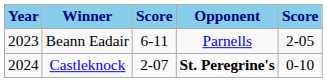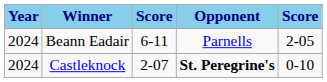 <table class="wikitable" style="text-align:center;">
 <tr>
 <th style="background:skyblue;color:navy;">Year</th>
 <th style="background:skyblue;color:navy;">Winner</th>
 <th style="background:skyblue;color:navy;">Score</th>
 <th style="background:skyblue;color:navy;">Opponent</th>
 <th style="background:skyblue;color:navy;">Score</th>
 </tr>
 <tr>
-<td>2023</td>
+<td>2024</td>
 <td>Beann Eadair</td>
 <td>6-11</td>
 <td><a href='#'>Parnells</a></td>
 <td>2-05</td>
 </tr>
 <tr>
 <td>2024</td>
 <td><a href='#'>Castleknock</a></td>
 <td>2-07</td>
 <td><strong>St. Peregrine's</strong></td>
 <td>0-10</td>
 </tr>
 </table>
